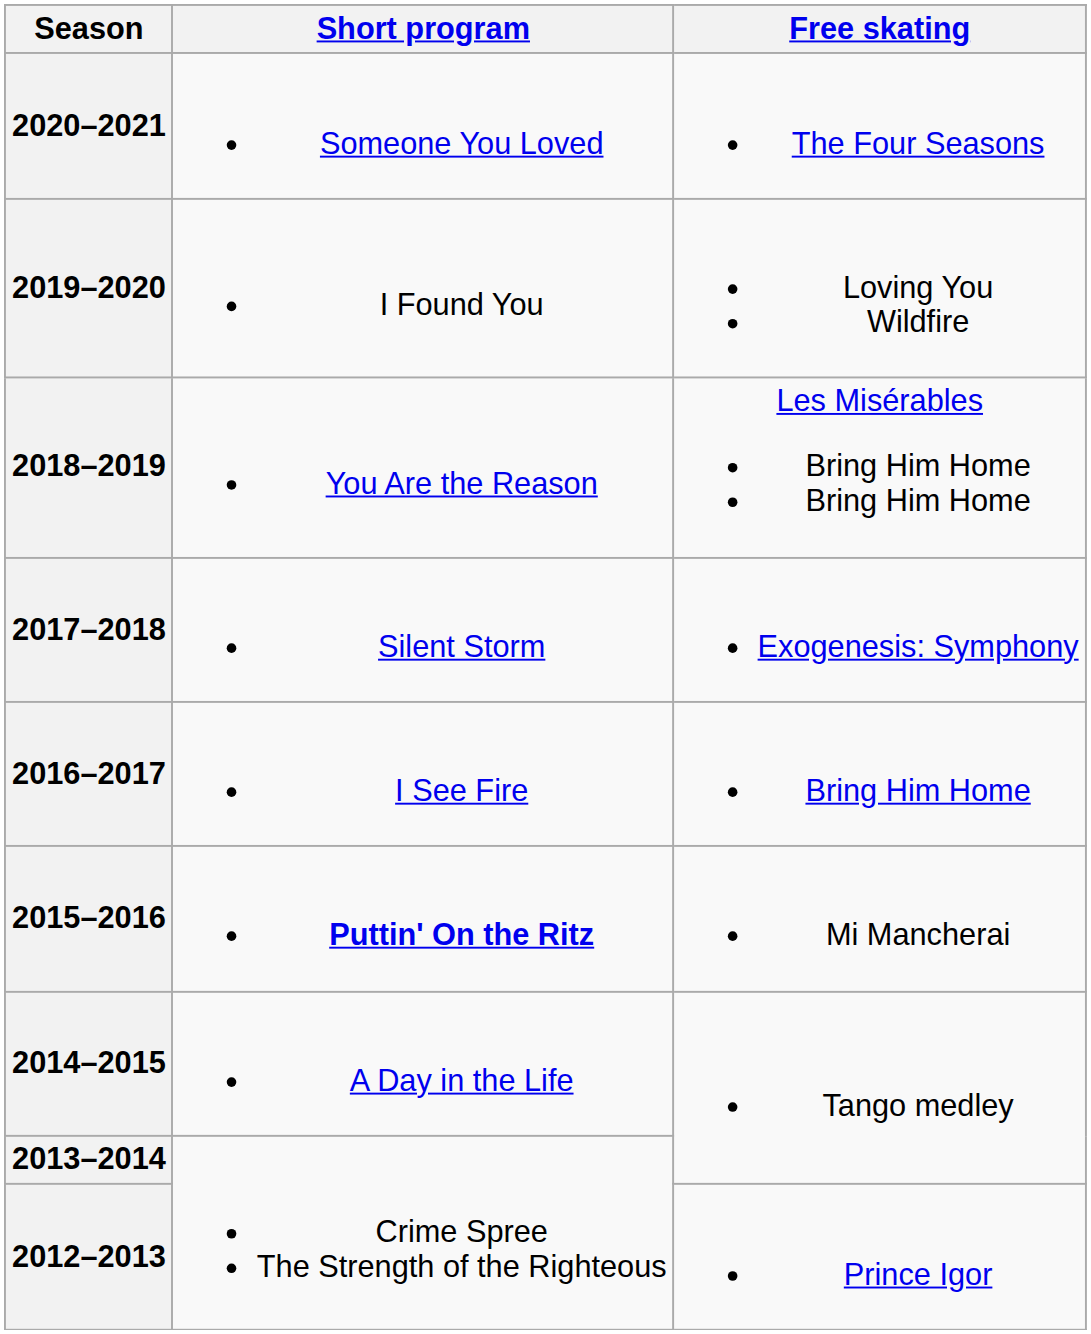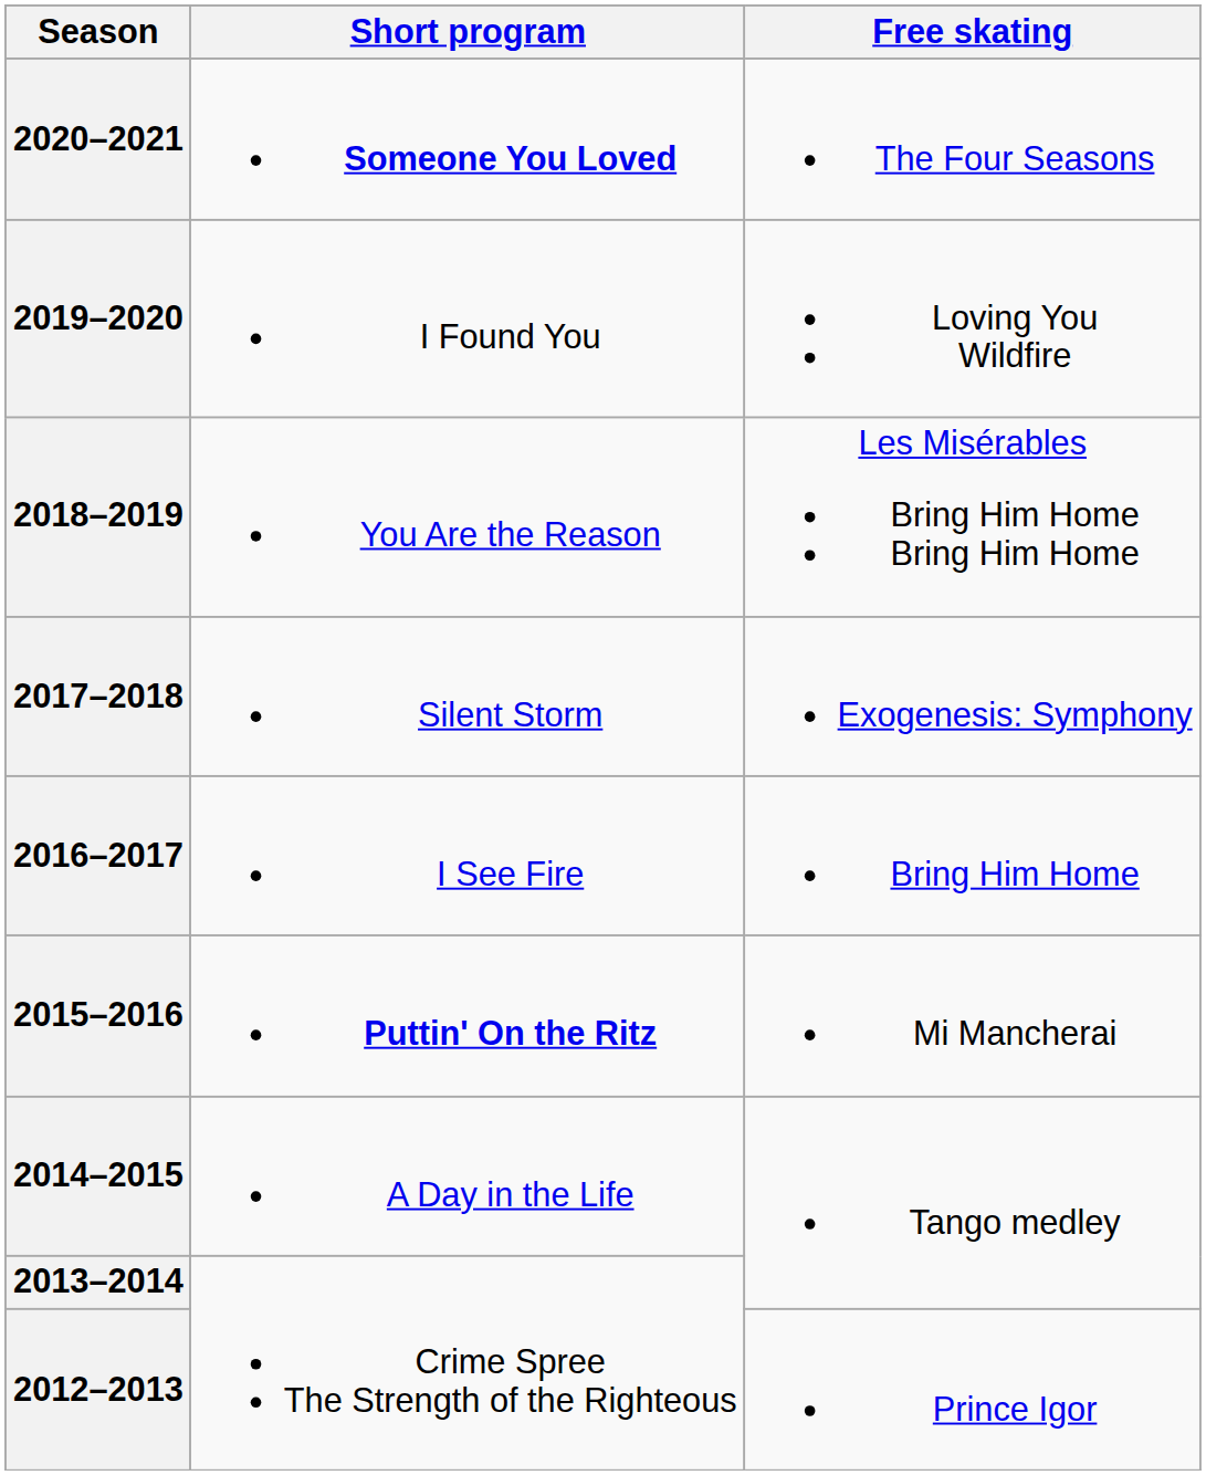 <table class=wikitable style=text-align:center>
 <tr>
 <th>Season</th>
 <th><a href='#'>Short program</a></th>
 <th><a href='#'>Free skating</a></th>
 </tr>
 <tr>
 <th>2020–2021 <br></th>
-<td><br><ul><li><a href='#'>Someone You Loved</a> <br></li></ul></td>
+<td><strong><br><ul><li><a href='#'>Someone You Loved</a> <br></li></ul></strong></td>
 <td><br><ul><li><a href='#'>The Four Seasons</a> <br></li></ul></td>
 </tr>
 <tr>
 <th>2019–2020 <br> </th>
 <td><br><ul><li>I Found You <br></li></ul></td>
 <td><br><ul><li>Loving You <br></li><li>Wildfire <br></li></ul></td>
 </tr>
 <tr>
 <th>2018–2019 <br> </th>
 <td><br><ul><li><a href='#'>You Are the Reason</a> <br></li></ul></td>
 <td><a href='#'>Les Misérables</a><br><ul><li>Bring Him Home <br></li><li>Bring Him Home <br></li></ul></td>
 </tr>
 <tr>
 <th>2017–2018 <br> </th>
 <td><br><ul><li><a href='#'>Silent Storm</a> <br></li></ul></td>
 <td><br><ul><li><a href='#'>Exogenesis: Symphony</a> <br></li></ul></td>
 </tr>
 <tr>
 <th>2016–2017 <br> </th>
 <td><br><ul><li><a href='#'>I See Fire</a> <br></li></ul></td>
 <td><br><ul><li><a href='#'>Bring Him Home</a> <br></li></ul></td>
 </tr>
 <tr>
 <th>2015–2016 <br> </th>
 <td><strong><br><ul><li><a href='#'>Puttin' On the Ritz</a> <br></li></ul></strong></td>
 <td><br><ul><li>Mi Mancherai <br></li></ul></td>
 </tr>
 <tr>
 <th>2014–2015 <br> </th>
 <td><br><ul><li><a href='#'>A Day in the Life</a> <br></li></ul></td>
 <td rowspan=2><br><ul><li>Tango medley <br></li></ul></td>
 </tr>
 <tr>
 <th>2013–2014 <br> </th>
 <td rowspan=2><br><ul><li>Crime Spree <br></li><li>The Strength of the Righteous <br></li></ul></td>
 </tr>
 <tr>
 <th>2012–2013 <br> </th>
 <td><br><ul><li><a href='#'>Prince Igor</a> <br></li></ul></td>
 </tr>
 </table>
